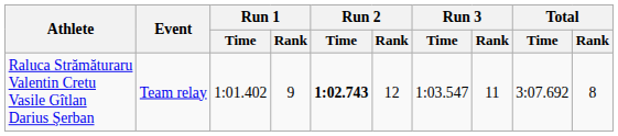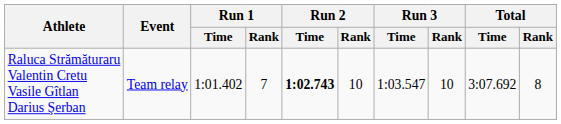 <table class=wikitable style=font-size:90%;text-align:center>
 <tr>
 <th rowspan="2">Athlete</th>
 <th rowspan="2">Event</th>
 <th colspan=2>Run 1</th>
 <th colspan=2>Run 2</th>
 <th colspan=2>Run 3</th>
 <th colspan=2>Total</th>
 </tr>
 <tr style="font-size:95%">
 <th>Time</th>
 <th>Rank</th>
 <th>Time</th>
 <th>Rank</th>
 <th>Time</th>
 <th>Rank</th>
 <th>Time</th>
 <th>Rank</th>
 </tr>
 <tr>
 <td align=left><a href='#'>Raluca Strămăturaru</a><br><a href='#'>Valentin Cretu</a><br><a href='#'>Vasile Gîtlan</a><br><a href='#'>Darius Şerban</a></td>
 <td align=left><a href='#'>Team relay</a></td>
 <td>1:01.402</td>
-<td>9</td>
+<td>7</td>
 <td><strong>1:02.743</strong></td>
-<td>12</td>
+<td>10</td>
 <td>1:03.547</td>
-<td>11</td>
+<td>10</td>
 <td>3:07.692</td>
 <td>8</td>
 </tr>
 </table>
